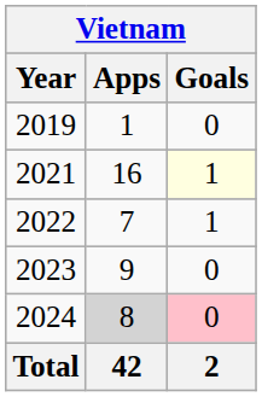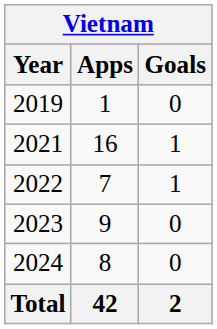 <table class="wikitable" style="text-align:center">
 <tr>
 <th colspan=4><a href='#'>Vietnam</a></th>
 </tr>
 <tr>
 <th>Year</th>
 <th>Apps</th>
 <th>Goals</th>
 </tr>
 <tr>
 <td>2019</td>
 <td>1</td>
 <td>0</td>
 </tr>
 <tr>
 <td>2021</td>
 <td>16</td>
-<td style="background: lightyellow;">1</td>
+<td>1</td>
 </tr>
 <tr>
 <td>2022</td>
 <td>7</td>
 <td>1</td>
 </tr>
 <tr>
 <td>2023</td>
 <td>9</td>
 <td>0</td>
 </tr>
 <tr>
 <td>2024</td>
-<td style="background: lightgrey;">8</td>
-<td style="background: pink;">0</td>
+<td>8</td>
+<td>0</td>
 </tr>
 <tr>
 <th>Total</th>
 <th>42</th>
 <th>2</th>
 </tr>
 </table>
